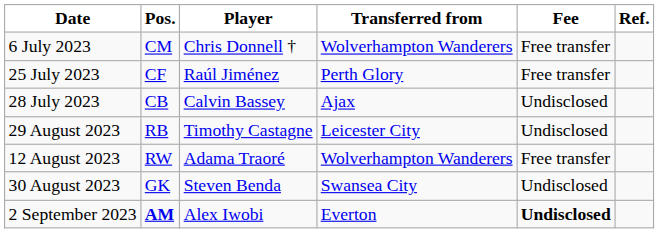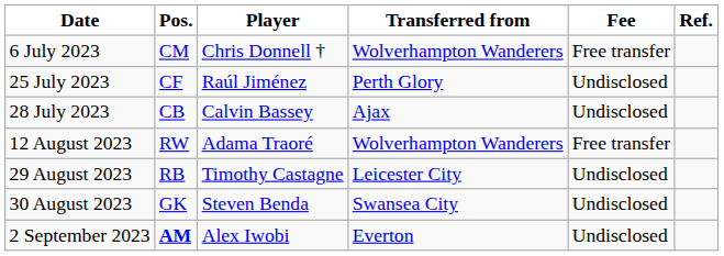 <table class="wikitable plainrowheaders sortable">
 <tr>
 <th style="background:white; color:black; ">Date</th>
 <th style="background:white; color:black; ">Pos.</th>
 <th style="background:white; color:black; ">Player</th>
 <th style="background:white; color:black; ">Transferred from</th>
 <th style="background:white; color:black; ">Fee</th>
 <th style="background:white; color:black; ">Ref.</th>
 </tr>
 <tr>
 <td>6 July 2023</td>
 <td><a href='#'>CM</a></td>
 <td> <a href='#'>Chris Donnell</a> †</td>
 <td> <a href='#'>Wolverhampton Wanderers</a></td>
 <td>Free transfer</td>
 <td></td>
 </tr>
 <tr>
 <td>25 July 2023</td>
 <td><a href='#'>CF</a></td>
 <td> <a href='#'>Raúl Jiménez</a></td>
 <td> <a href='#'>Perth Glory</a></td>
-<td>Free transfer</td>
+<td>Undisclosed</td>
 <td></td>
 </tr>
 <tr>
 <td>28 July 2023</td>
 <td><a href='#'>CB</a></td>
 <td> <a href='#'>Calvin Bassey</a></td>
 <td> <a href='#'>Ajax</a></td>
 <td>Undisclosed</td>
 <td></td>
 </tr>
 <tr>
+<td>12 August 2023</td>
+<td><a href='#'>RW</a></td>
+<td> <a href='#'>Adama Traoré</a></td>
+<td> <a href='#'>Wolverhampton Wanderers</a></td>
+<td>Free transfer</td>
+<td></td>
+</tr>
+<tr>
 <td>29 August 2023</td>
 <td><a href='#'>RB</a></td>
 <td> <a href='#'>Timothy Castagne</a></td>
 <td> <a href='#'>Leicester City</a></td>
 <td>Undisclosed</td>
-<td></td>
-</tr>
-<tr>
-<td>12 August 2023</td>
-<td><a href='#'>RW</a></td>
-<td> <a href='#'>Adama Traoré</a></td>
-<td> <a href='#'>Wolverhampton Wanderers</a></td>
-<td>Free transfer</td>
 <td></td>
 </tr>
 <tr>
 <td>30 August 2023</td>
 <td><a href='#'>GK</a></td>
 <td> <a href='#'>Steven Benda</a></td>
 <td> <a href='#'>Swansea City</a></td>
 <td>Undisclosed</td>
 <td></td>
 </tr>
 <tr>
 <td>2 September 2023</td>
 <td><strong><a href='#'>AM</a></strong></td>
 <td> <a href='#'>Alex Iwobi</a></td>
 <td> <a href='#'>Everton</a></td>
-<td><strong>Undisclosed</strong></td>
+<td>Undisclosed</td>
 <td></td>
 </tr>
 </table>
